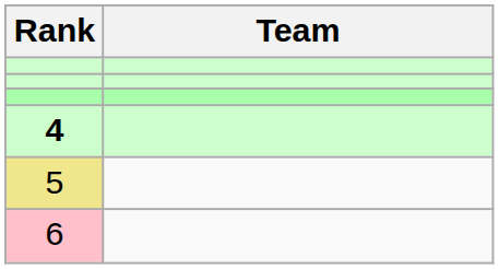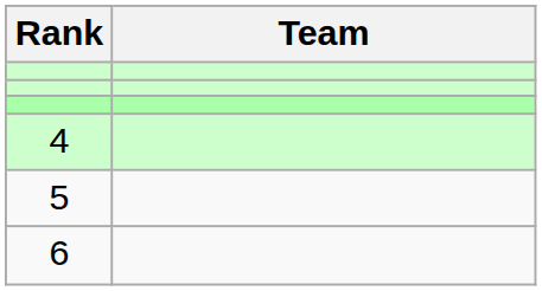 <table class="wikitable" style="text-align: center;">
 <tr>
 <th width=40>Rank</th>
 <th width=180>Team</th>
 </tr>
 <tr bgcolor="#ccffcc">
 <td></td>
 <td align="left"></td>
 </tr>
 <tr bgcolor="#ccffcc">
 <td></td>
 <td align="left"></td>
 </tr>
 <tr bgcolor="#aaffaa">
 <td></td>
 <td align="left"></td>
 </tr>
 <tr bgcolor="#ccffcc">
-<td><strong>4</strong></td>
+<td>4</td>
 <td align="left"></td>
 </tr>
 <tr>
-<td style="background: khaki;">5</td>
+<td>5</td>
 <td align="left"></td>
 </tr>
 <tr>
-<td style="background: pink;">6</td>
+<td>6</td>
 <td align="left"></td>
 </tr>
 </table>
